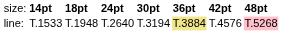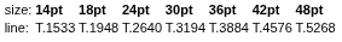 <table style="margin-left:40px;">
 <tr>
 <td>size:</td>
 <td><strong>14pt</strong></td>
 <td><strong>18pt</strong></td>
 <td><strong>24pt</strong></td>
 <td><strong>30pt</strong></td>
 <td><strong>36pt</strong></td>
 <td><strong>42pt</strong></td>
 <td><strong>48pt</strong></td>
 </tr>
 <tr>
 <td>line:</td>
 <td>T.1533</td>
 <td>T.1948</td>
 <td>T.2640</td>
 <td>T.3194</td>
-<td style="background: khaki;">T.3884</td>
+<td>T.3884</td>
 <td>T.4576</td>
-<td style="background: pink;">T.5268</td>
+<td>T.5268</td>
 </tr>
 </table>
